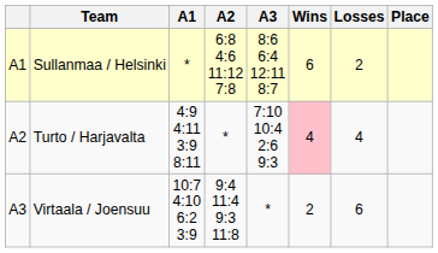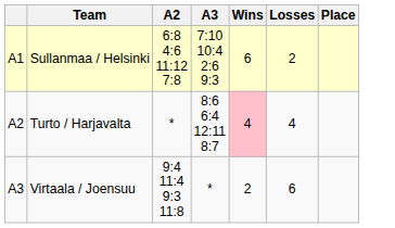 <table class="wikitable" style="text-align:center;">
 <tr>
 <th></th>
 <th>Team</th>
-<th width="25">A1</th>
 <th width="25">A2</th>
 <th width="25">A3</th>
 <th width="20">Wins</th>
 <th width="20">Losses</th>
 <th>Place</th>
 </tr>
 <tr bgcolor=#ffc>
 <td>A1</td>
 <td align=left>Sullanmaa / Helsinki</td>
-<td>*</td>
 <td>6:8<br> 4:6<br>11:12<br> 7:8</td>
-<td>8:6<br> 6:4<br>12:11<br> 8:7</td>
+<td>7:10<br>10:4<br> 2:6<br> 9:3</td>
 <td>6</td>
 <td>2</td>
 <td><strong></strong></td>
 </tr>
 <tr>
 <td>A2</td>
 <td align=left>Turto / Harjavalta</td>
-<td>4:9<br>4:11<br> 3:9<br>8:11</td>
 <td>*</td>
-<td>7:10<br>10:4<br> 2:6<br> 9:3</td>
+<td>8:6<br> 6:4<br>12:11<br> 8:7</td>
 <td style="background: pink;">4</td>
 <td>4</td>
 <td><strong></strong></td>
 </tr>
 <tr>
 <td>A3</td>
 <td align=left>Virtaala / Joensuu</td>
-<td>10:7<br>4:10<br> 6:2<br> 3:9</td>
 <td>9:4<br>11:4<br> 9:3<br>11:8</td>
 <td>*</td>
 <td>2</td>
 <td>6</td>
 <td><strong></strong></td>
 </tr>
 </table>
